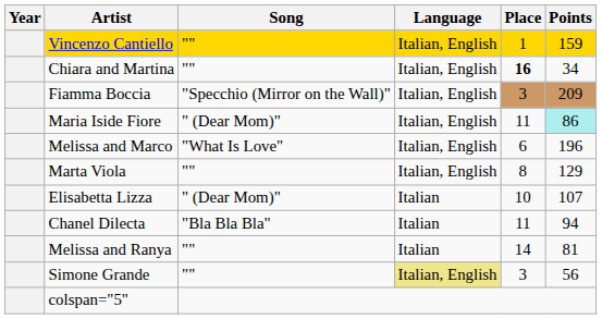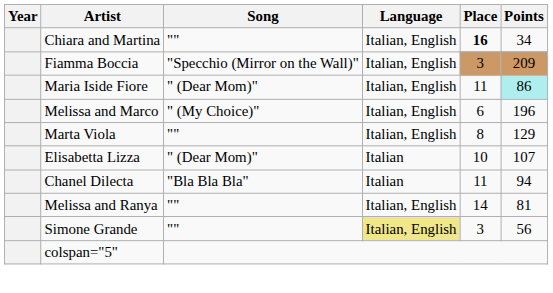 <table class="wikitable sortable plainrowheaders">
 <tr>
 <th scope="col">Year</th>
 <th scope="col">Artist</th>
 <th scope="col">Song</th>
 <th scope="col">Language</th>
 <th scope="col" data-sort-type="number">Place</th>
 <th scope="col" data-sort-type="number">Points</th>
-</tr>
-<tr style="background-color:#FFD700;">
-<th scope="row" style="text-align:center;"></th>
-<td><a href='#'>Vincenzo Cantiello</a></td>
-<td>""</td>
-<td>Italian, English</td>
-<td style="text-align:center;">1</td>
-<td style="text-align:center;">159</td>
 </tr>
 <tr>
 <th scope="row" style="text-align:center;"></th>
 <td>Chiara and Martina</td>
 <td>""</td>
 <td>Italian, English</td>
 <td style="text-align:center;"><strong>16</strong></td>
 <td style="text-align:center;">34</td>
 </tr>
 <tr>
 <th scope="row" style="text-align:center;"></th>
 <td>Fiamma Boccia</td>
 <td>"<span>Specchio</span> (Mirror on the Wall)"</td>
 <td>Italian, English</td>
 <td style="text-align:center; background-color:#C96;">3</td>
 <td style="text-align:center; background-color:#C96;">209</td>
 </tr>
 <tr>
 <th scope="row" style="text-align:center;"></th>
 <td>Maria Iside Fiore</td>
 <td>" (Dear Mom)"</td>
 <td>Italian, English</td>
 <td style="text-align:center;">11</td>
 <td style="background: paleturquoise; text-align:center;">86</td>
 </tr>
 <tr>
 <th scope="row" style="text-align:center;"></th>
 <td>Melissa and Marco</td>
-<td>"What Is Love"</td>
+<td>" (My Choice)"</td>
 <td>Italian, English</td>
 <td style="text-align:center;">6</td>
 <td style="text-align:center;">196</td>
 </tr>
 <tr>
 <th scope="row" style="text-align:center;"></th>
 <td>Marta Viola</td>
 <td>""</td>
 <td>Italian, English</td>
 <td style="text-align:center;">8</td>
 <td style="text-align:center;">129</td>
 </tr>
 <tr>
 <th scope="row" style="text-align:center;"></th>
 <td>Elisabetta Lizza</td>
 <td>" (Dear Mom)"</td>
 <td>Italian</td>
 <td style="text-align:center;">10</td>
 <td style="text-align:center;">107</td>
 </tr>
 <tr>
 <th scope="row" style="text-align:center;"></th>
 <td>Chanel Dilecta</td>
 <td>"Bla Bla Bla"</td>
 <td>Italian</td>
 <td style="text-align:center;">11</td>
 <td style="text-align:center;">94</td>
 </tr>
 <tr>
 <th scope="row" style="text-align:center;"></th>
 <td>Melissa and Ranya</td>
 <td>""</td>
-<td>Italian</td>
+<td>Italian, English</td>
 <td style="text-align:center;">14</td>
 <td style="text-align:center;">81</td>
 </tr>
 <tr>
 <th scope="row" style="text-align:center;"></th>
 <td>Simone Grande</td>
 <td>""</td>
 <td style="background: khaki;">Italian, English</td>
 <td style="text-align:center;">3</td>
 <td style="text-align:center;">56</td>
 </tr>
 <tr>
 <th scope="row" style="text-align:center;"></th>
 <td>colspan="5" </td>
 </tr>
 </table>
